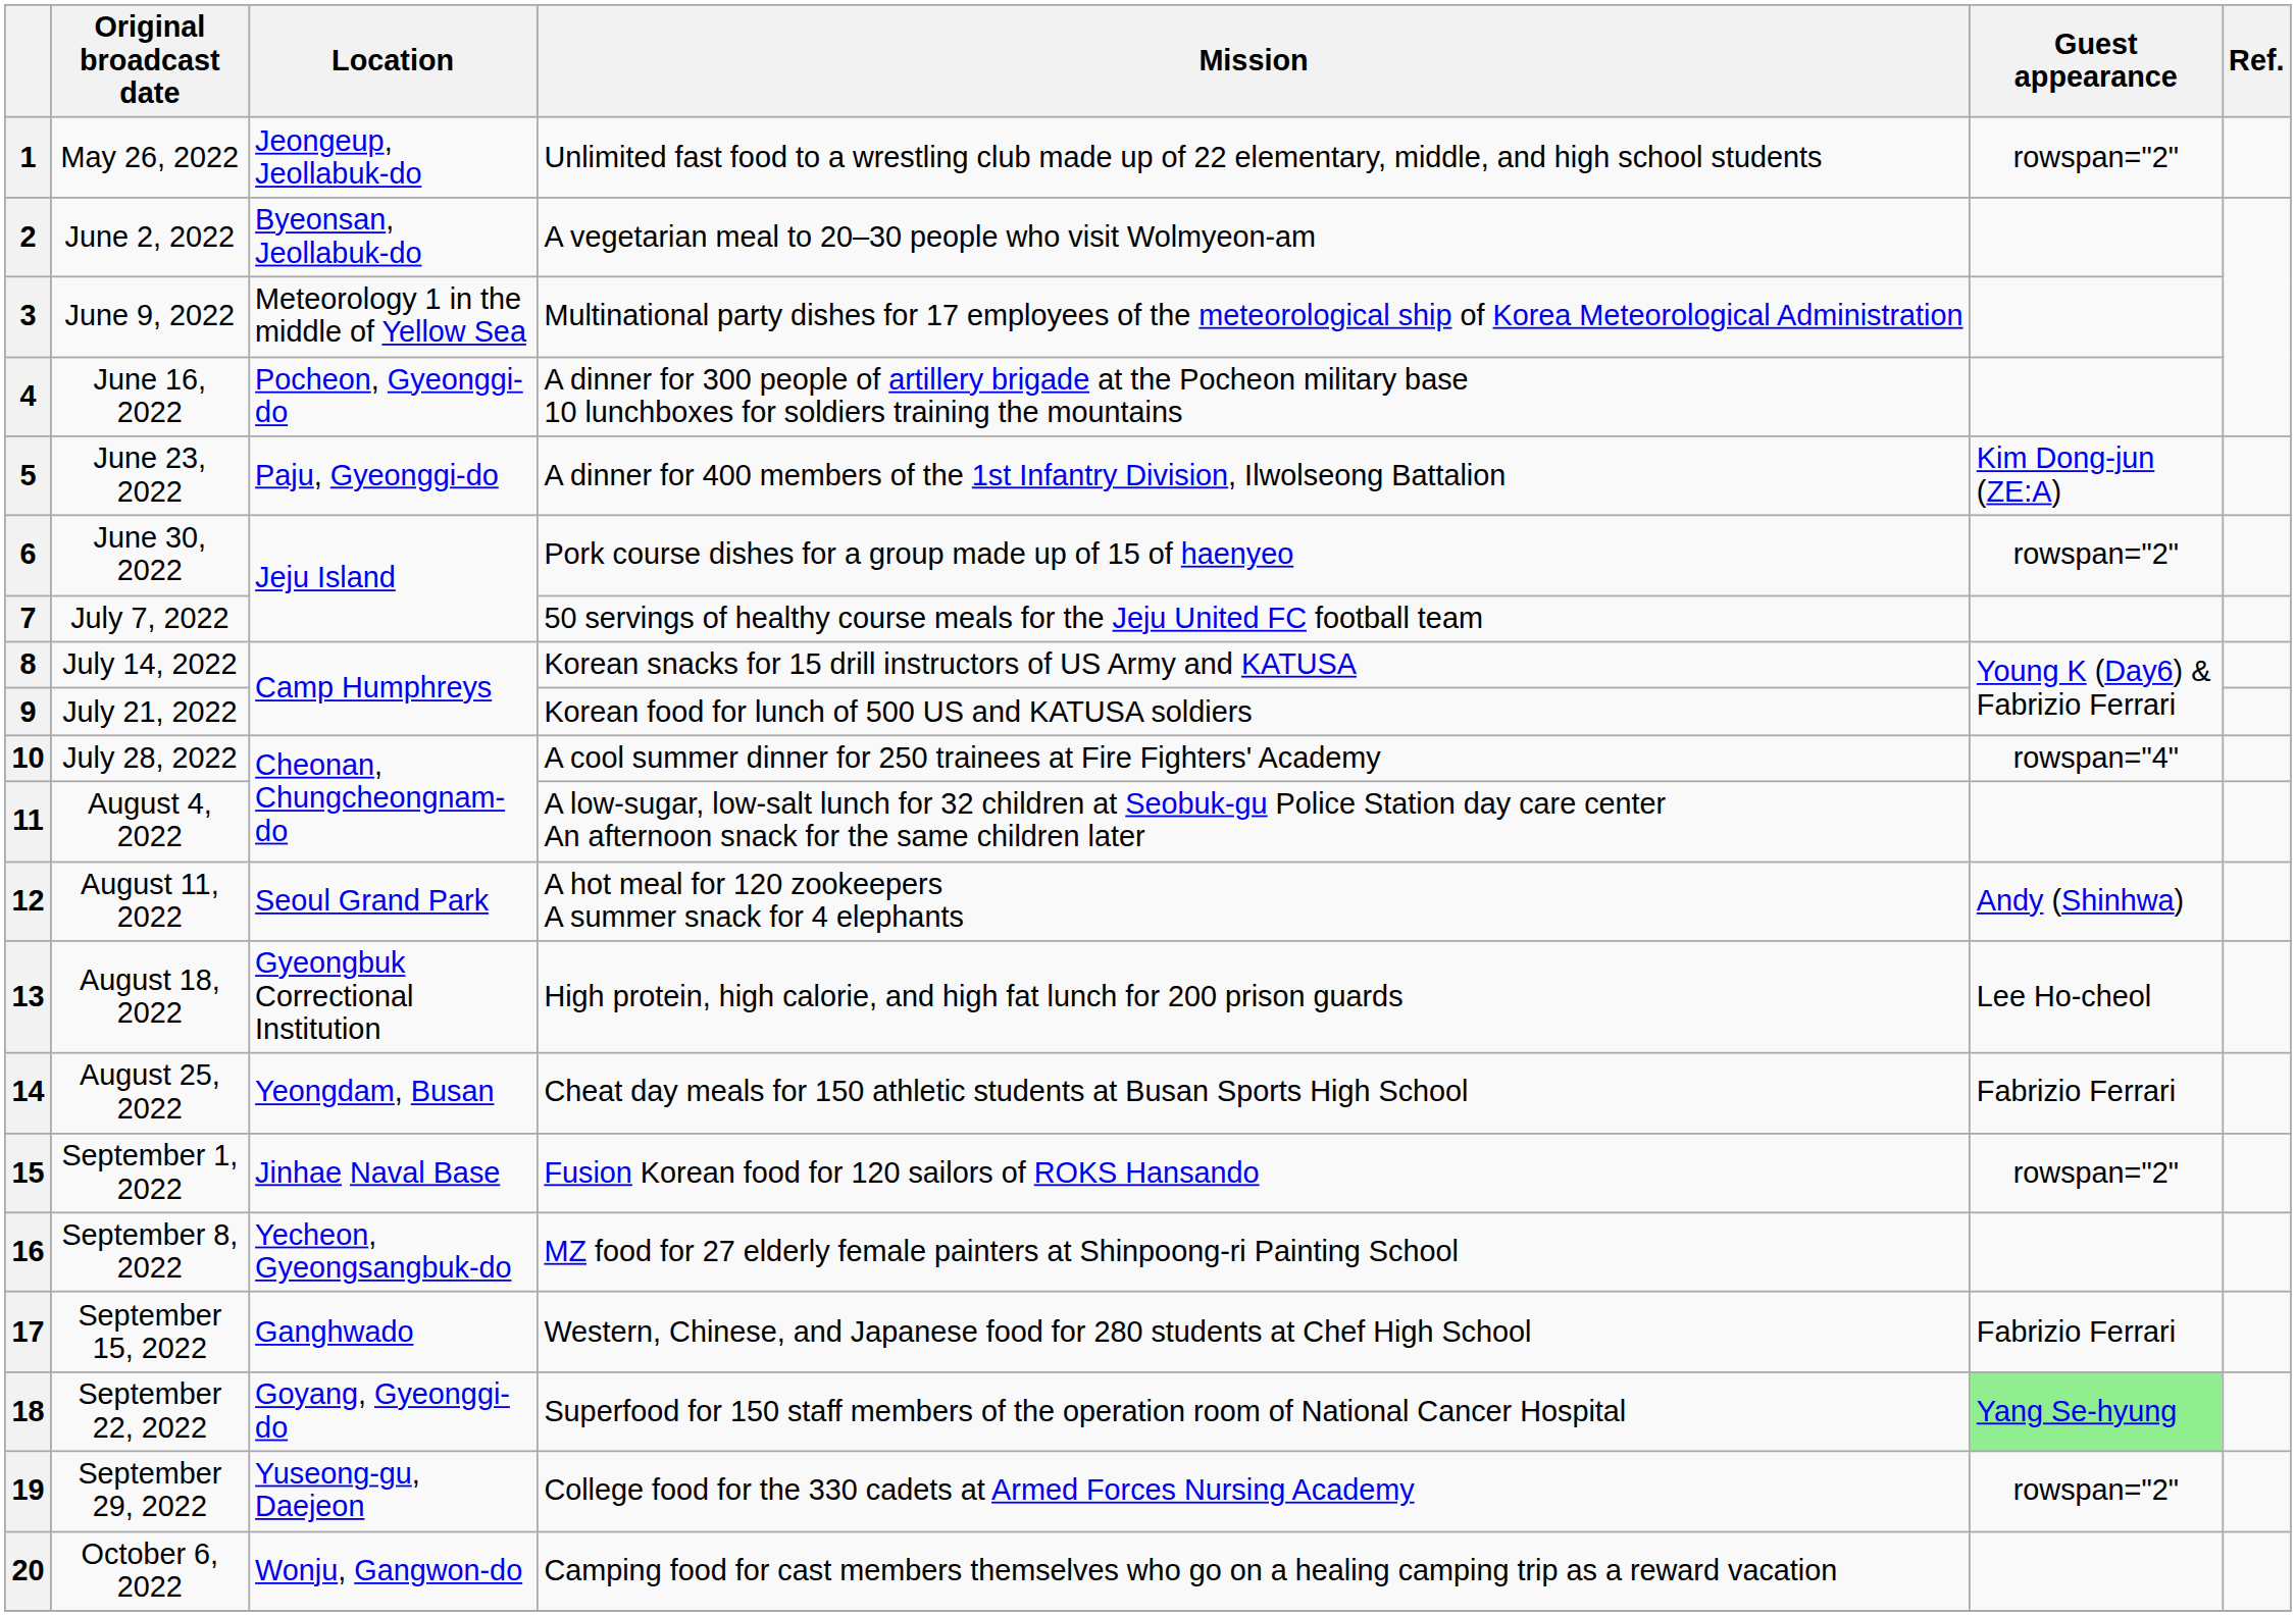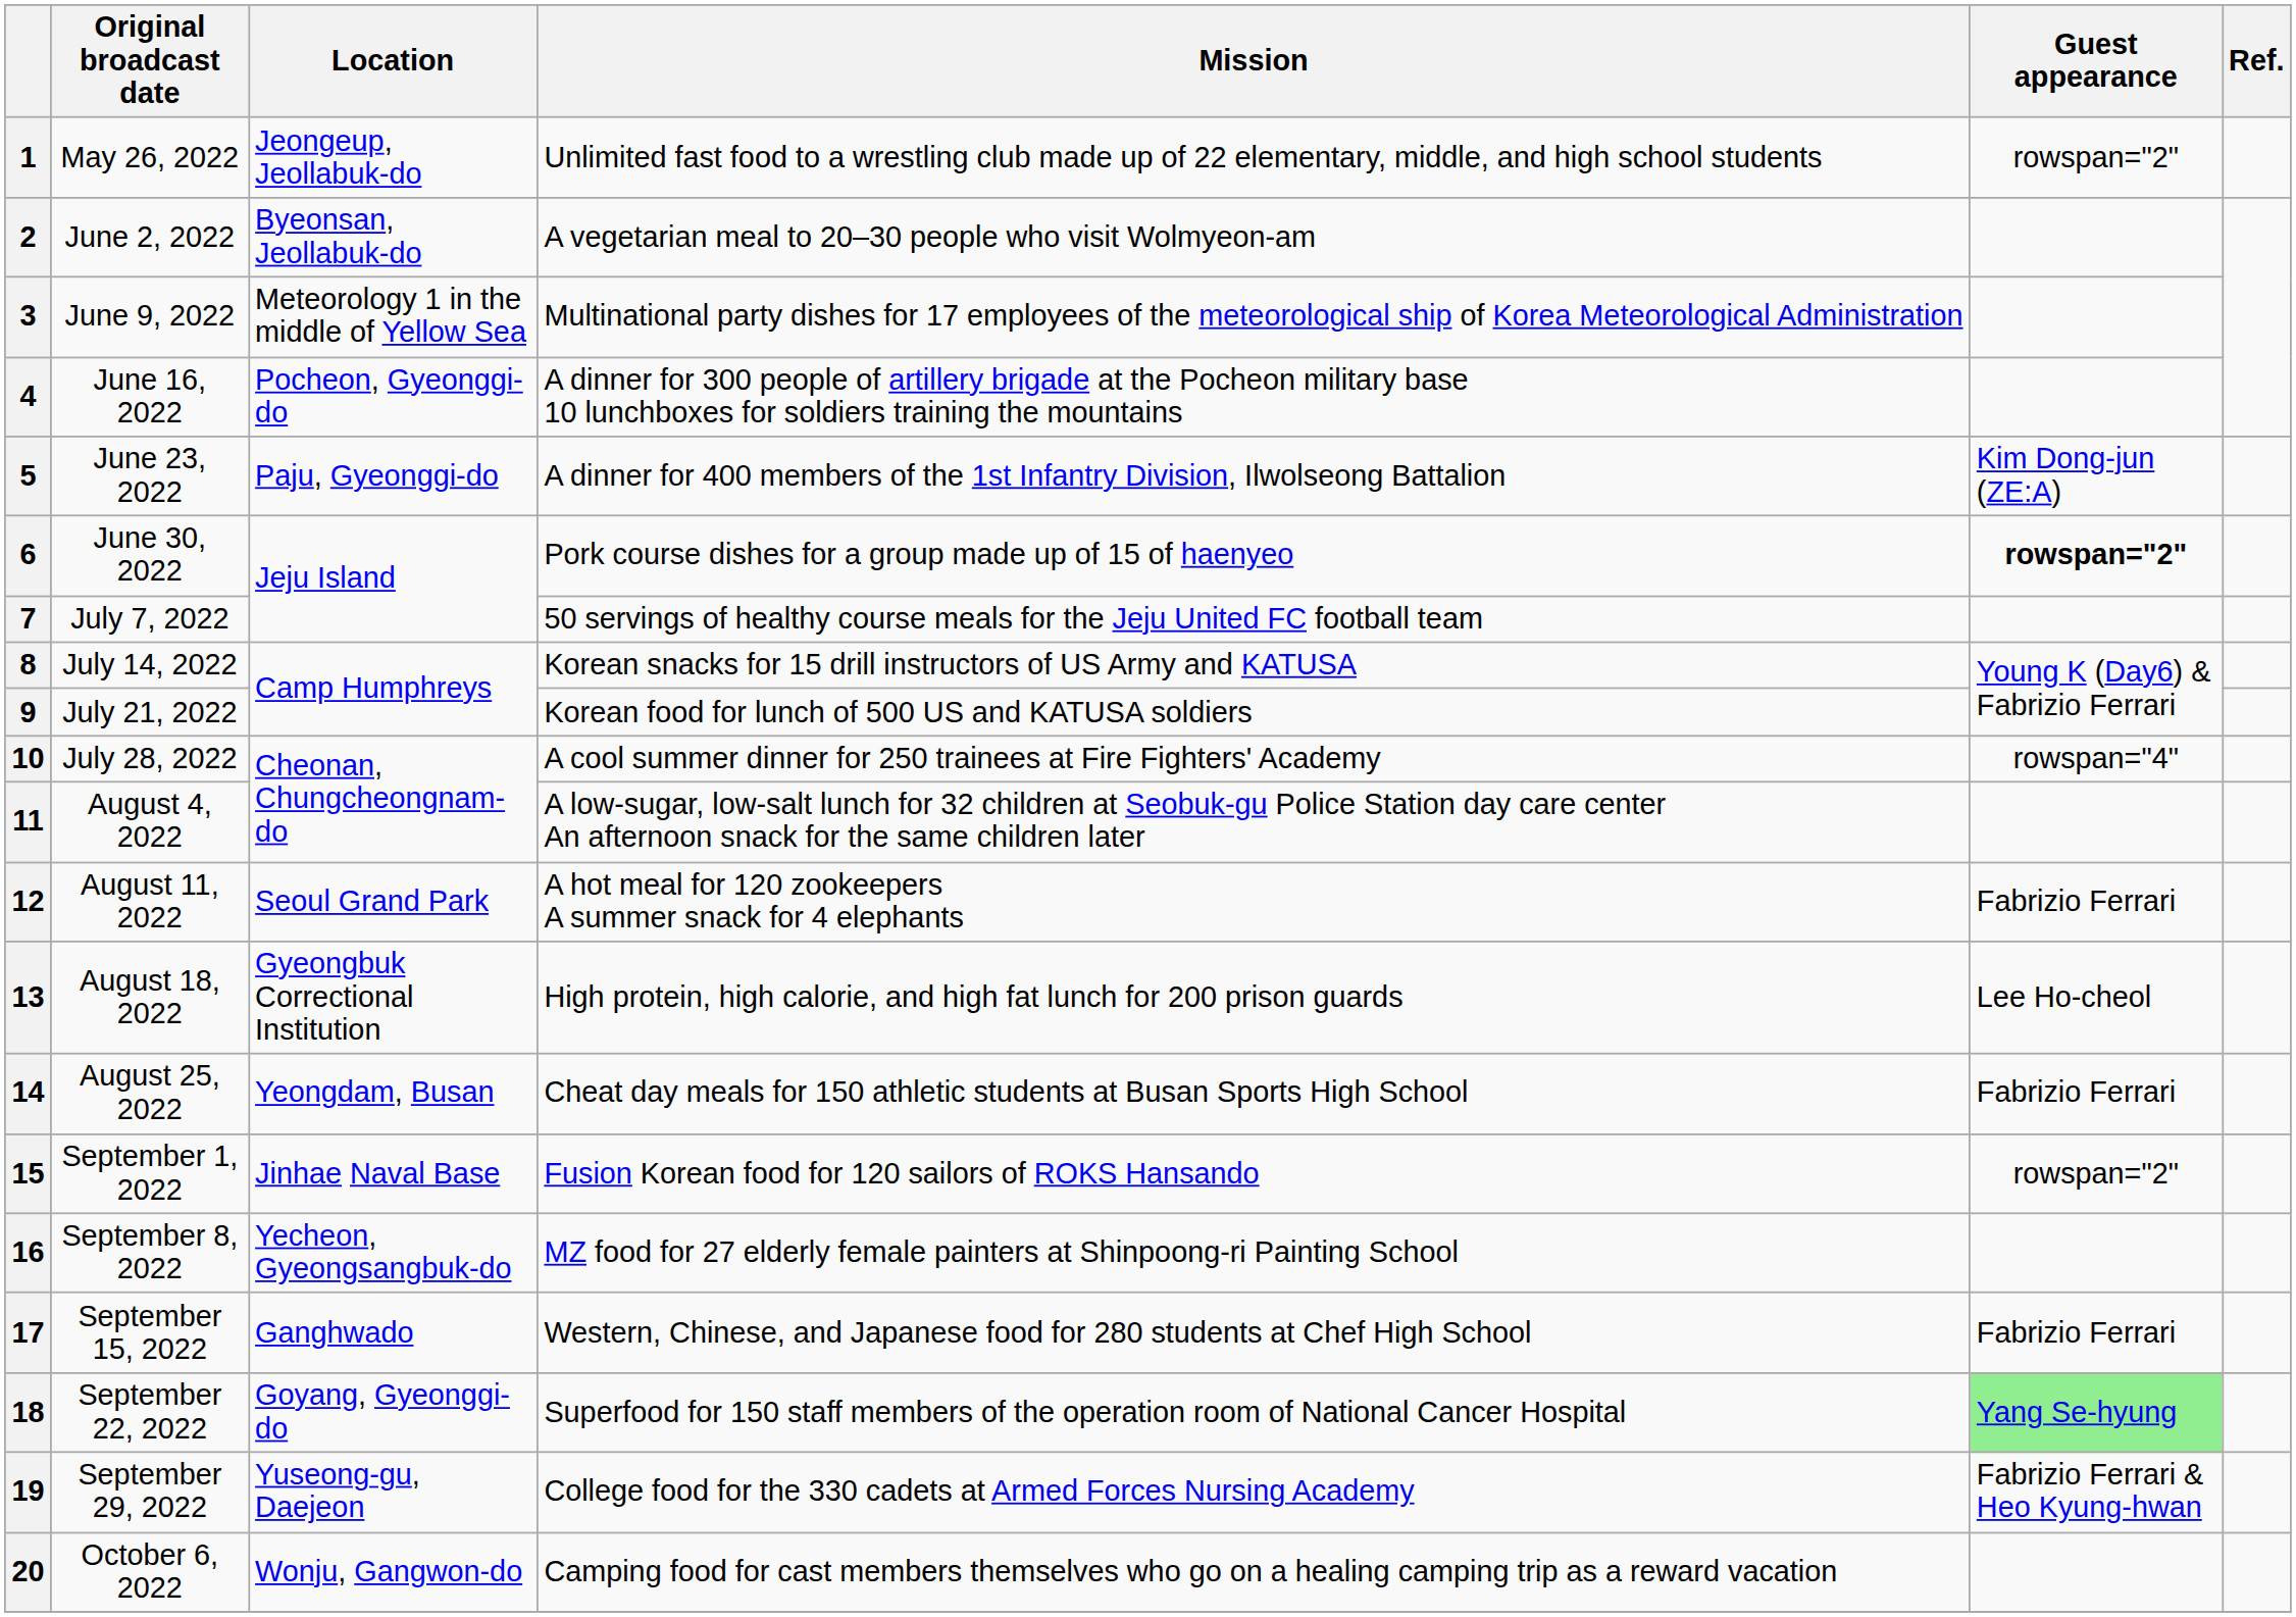 <table class="wikitable" style="text-align:center">
 <tr>
 <th></th>
 <th scope="col" style="width: 100px;">Original broadcast date</th>
 <th scope="col" style="width: 150px;">Location</th>
 <th scope="col">Mission</th>
 <th scope="col" style="width: 130px;">Guest appearance</th>
 <th>Ref.</th>
 </tr>
 <tr>
 <th>1</th>
 <td>May 26, 2022</td>
 <td style="text-align:left;"><a href='#'>Jeongeup</a>, <a href='#'>Jeollabuk-do</a></td>
 <td style="text-align:left;">Unlimited fast food to a wrestling club made up of 22 elementary, middle, and high school students  </td>
 <td>rowspan="2" </td>
 <td></td>
 </tr>
 <tr>
 <th scope="col">2</th>
 <td>June 2, 2022</td>
 <td style="text-align:left;"><a href='#'>Byeonsan</a>, <a href='#'>Jeollabuk-do</a></td>
 <td style="text-align:left;">A vegetarian meal to 20–30 people who visit Wolmyeon-am</td>
 <td></td>
 </tr>
 <tr>
 <th scope="col">3</th>
 <td>June 9, 2022</td>
 <td style="text-align:left;">Meteorology 1 in the middle of <a href='#'>Yellow Sea</a></td>
 <td style="text-align:left;">Multinational party dishes for 17 employees of the <a href='#'>meteorological ship</a> of <a href='#'>Korea Meteorological Administration</a></td>
 <td></td>
 </tr>
 <tr>
 <th scope="col">4</th>
 <td>June 16, 2022</td>
 <td style="text-align:left;"><a href='#'>Pocheon</a>, <a href='#'>Gyeonggi-do</a></td>
 <td style="text-align:left;">A dinner for 300 people of <a href='#'>artillery brigade</a> at the Pocheon military base<br>10 lunchboxes for soldiers training the mountains</td>
 <td></td>
 </tr>
 <tr>
 <th scope="col">5</th>
 <td>June 23, 2022</td>
 <td style="text-align:left;"><a href='#'>Paju</a>, <a href='#'>Gyeonggi-do</a></td>
 <td style="text-align:left;">A dinner for 400 members of the <a href='#'>1st Infantry Division</a>, Ilwolseong Battalion</td>
 <td style="text-align:left;"><a href='#'>Kim Dong-jun</a> (<a href='#'>ZE:A</a>)</td>
 <td></td>
 </tr>
 <tr>
 <th scope="col">6</th>
 <td>June 30, 2022</td>
 <td style="text-align:left;" rowspan=2><a href='#'>Jeju Island</a></td>
 <td style="text-align:left;">Pork course dishes for a group made up of 15 of <a href='#'>haenyeo</a></td>
-<td>rowspan="2" </td>
+<td><strong>rowspan="2" </strong></td>
 <td></td>
 </tr>
 <tr>
 <th scope="col">7</th>
 <td>July 7, 2022</td>
 <td style="text-align:left;">50 servings of healthy course meals for the <a href='#'>Jeju United FC</a> football team</td>
 <td></td>
 </tr>
 <tr>
 <th scope="col">8</th>
 <td>July 14, 2022</td>
 <td style="text-align:left;" rowspan=2><a href='#'>Camp Humphreys</a></td>
 <td style="text-align:left;">Korean snacks for 15 drill instructors of US Army and <a href='#'>KATUSA</a></td>
 <td style="text-align:left;" rowspan=2><a href='#'>Young K</a> (<a href='#'>Day6</a>) & Fabrizio Ferrari</td>
 <td></td>
 </tr>
 <tr>
 <th scope="col">9</th>
 <td>July 21, 2022</td>
 <td style="text-align:left;">Korean food for lunch of 500 US and KATUSA soldiers </td>
 <td></td>
 </tr>
 <tr>
 <th scope="col">10</th>
 <td>July 28, 2022</td>
 <td style="text-align:left;" rowspan=2><a href='#'>Cheonan</a>, <a href='#'>Chungcheongnam-do</a></td>
 <td style="text-align:left;">A cool summer dinner for 250 trainees at Fire Fighters' Academy</td>
 <td>rowspan="4" </td>
 <td></td>
 </tr>
 <tr>
 <th scope="col">11</th>
 <td>August 4, 2022</td>
 <td style="text-align:left;">A low-sugar, low-salt lunch for 32 children at <a href='#'>Seobuk-gu</a> Police Station day care center<br>An afternoon snack for the same children later</td>
 <td></td>
 </tr>
 <tr>
 <th scope="col">12</th>
 <td>August 11, 2022</td>
 <td style="text-align:left;"><a href='#'>Seoul Grand Park</a></td>
 <td style="text-align:left;">A hot meal for 120 zookeepers<br>A summer snack for 4 elephants</td>
-<td style="text-align:left;"><a href='#'>Andy</a> (<a href='#'>Shinhwa</a>)</td>
+<td style="text-align:left;">Fabrizio Ferrari</td>
 <td></td>
 </tr>
 <tr>
 <th scope="col">13</th>
 <td>August 18, 2022</td>
 <td style="text-align:left;"><a href='#'>Gyeongbuk</a> Correctional Institution</td>
 <td style="text-align:left;">High protein, high calorie, and high fat lunch for 200 prison guards</td>
 <td style="text-align:left;">Lee Ho-cheol</td>
 <td></td>
 </tr>
 <tr>
 <th scope="col">14</th>
 <td>August 25, 2022</td>
 <td style="text-align:left;"><a href='#'>Yeongdam</a>, <a href='#'>Busan</a></td>
 <td style="text-align:left;">Cheat day meals for 150 athletic students at Busan Sports High School</td>
 <td style="text-align:left;">Fabrizio Ferrari</td>
 <td></td>
 </tr>
 <tr>
 <th scope="col">15</th>
 <td>September 1, 2022</td>
 <td style="text-align:left;"><a href='#'>Jinhae</a> <a href='#'>Naval Base</a></td>
 <td style="text-align:left;"><a href='#'>Fusion</a> Korean food for 120 sailors of <a href='#'>ROKS Hansando</a></td>
 <td>rowspan="2" </td>
 <td></td>
 </tr>
 <tr>
 <th scope="col">16</th>
 <td>September 8, 2022</td>
 <td style="text-align:left;"><a href='#'>Yecheon</a>, <a href='#'>Gyeongsangbuk-do</a></td>
 <td style="text-align:left;"><a href='#'>MZ</a> food for 27 elderly female painters at Shinpoong-ri Painting School</td>
 <td></td>
 </tr>
 <tr>
 <th scope="col">17</th>
 <td>September 15, 2022</td>
 <td style="text-align:left;"><a href='#'>Ganghwado</a></td>
 <td style="text-align:left;">Western, Chinese, and Japanese food for 280 students at Chef High School</td>
 <td style="text-align:left;">Fabrizio Ferrari</td>
 <td></td>
 </tr>
 <tr>
 <th scope="col">18</th>
 <td>September 22, 2022</td>
 <td style="text-align:left;"><a href='#'>Goyang</a>, <a href='#'>Gyeonggi-do</a></td>
 <td style="text-align:left;">Superfood for 150 staff members of the operation room of National Cancer Hospital</td>
 <td style="background: lightgreen; text-align:left;"><a href='#'>Yang Se-hyung</a></td>
 <td></td>
 </tr>
 <tr>
 <th scope="col">19</th>
 <td>September 29, 2022</td>
 <td style="text-align:left;"><a href='#'>Yuseong-gu</a>, <a href='#'>Daejeon</a></td>
 <td style="text-align:left;">College food for the 330 cadets at <a href='#'>Armed Forces Nursing Academy</a></td>
-<td>rowspan="2" </td>
+<td style="text-align:left;">Fabrizio Ferrari & <a href='#'>Heo Kyung-hwan</a><br></td>
 <td></td>
 </tr>
 <tr>
 <th scope="col">20</th>
 <td>October 6, 2022</td>
 <td style="text-align:left;"><a href='#'>Wonju</a>, <a href='#'>Gangwon-do</a></td>
 <td style="text-align:left;">Camping food for cast members themselves who go on a healing camping trip as a reward vacation</td>
 <td></td>
 <td></td>
 </tr>
 <tr>
 </tr>
 </table>
